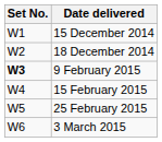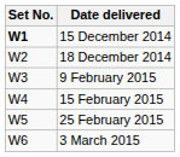 <table class="wikitable">
 <tr>
 <th>Set No.</th>
 <th>Date delivered</th>
 </tr>
 <tr>
-<td>W1</td>
+<td><strong>W1</strong></td>
 <td>15 December 2014</td>
 </tr>
 <tr>
 <td>W2</td>
 <td>18 December 2014</td>
 </tr>
 <tr>
-<td><strong>W3</strong></td>
+<td>W3</td>
 <td>9 February 2015</td>
 </tr>
 <tr>
 <td>W4</td>
 <td>15 February 2015</td>
 </tr>
 <tr>
 <td>W5</td>
 <td>25 February 2015</td>
 </tr>
 <tr>
 <td>W6</td>
 <td>3 March 2015</td>
 </tr>
 </table>
